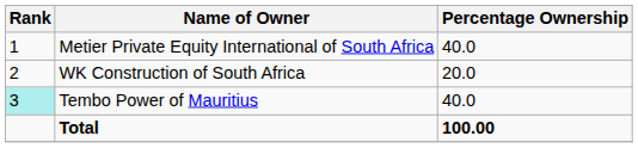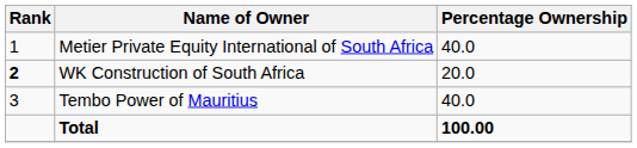 <table class="wikitable sortable" style="margin: 0.5em auto">
 <tr>
 <th>Rank</th>
 <th>Name of Owner</th>
 <th>Percentage Ownership</th>
 </tr>
 <tr>
 <td>1</td>
 <td>Metier Private Equity International of <a href='#'>South Africa</a></td>
 <td>40.0</td>
 </tr>
 <tr>
-<td>2</td>
+<td><strong>2</strong></td>
 <td>WK Construction of South Africa</td>
 <td>20.0</td>
 </tr>
 <tr>
-<td style="background: paleturquoise;">3</td>
+<td>3</td>
 <td>Tembo Power of <a href='#'>Mauritius</a></td>
 <td>40.0</td>
 </tr>
 <tr>
 <td></td>
 <td><strong>Total</strong></td>
 <td><strong>100.00</strong></td>
 </tr>
 <tr>
 </tr>
 </table>
